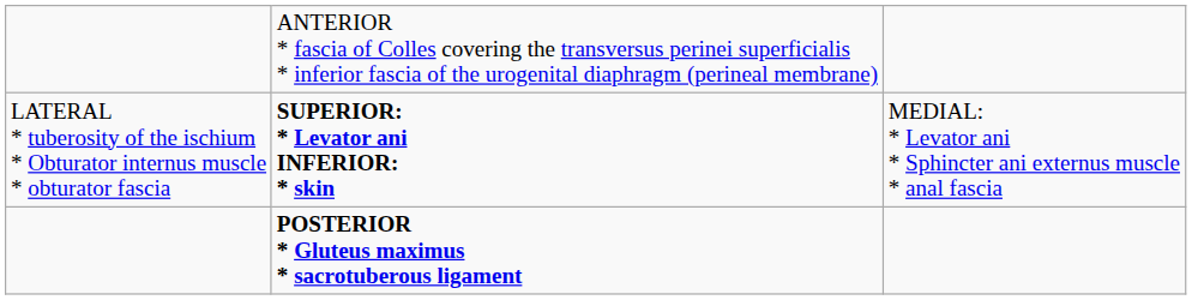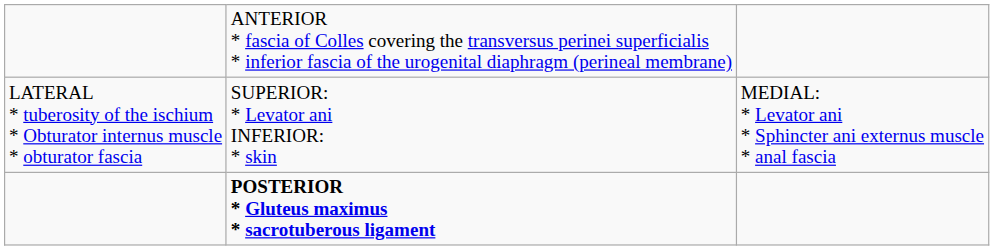 <table class="wikitable">
 <tr>
 <td></td>
 <td>ANTERIOR<br>* <a href='#'>fascia of Colles</a> covering the <a href='#'>transversus perinei superficialis</a><br>* <a href='#'>inferior fascia of the urogenital diaphragm (perineal membrane)</a></td>
 <td></td>
 </tr>
 <tr>
 <td>LATERAL<br>* <a href='#'>tuberosity of the ischium</a><br>* <a href='#'>Obturator internus muscle</a> <br>* <a href='#'>obturator fascia</a></td>
-<td><strong>SUPERIOR:<br>* <a href='#'>Levator ani</a><br>INFERIOR:<br>* <a href='#'>skin</a></strong></td>
+<td>SUPERIOR:<br>* <a href='#'>Levator ani</a><br>INFERIOR:<br>* <a href='#'>skin</a></td>
 <td>MEDIAL:<br>* <a href='#'>Levator ani</a><br>* <a href='#'>Sphincter ani externus muscle</a><br>* <a href='#'>anal fascia</a></td>
 </tr>
 <tr>
 <td></td>
 <td><strong>POSTERIOR<br>* <a href='#'>Gluteus maximus</a><br>* <a href='#'>sacrotuberous ligament</a></strong></td>
 <td></td>
 </tr>
 </table>
